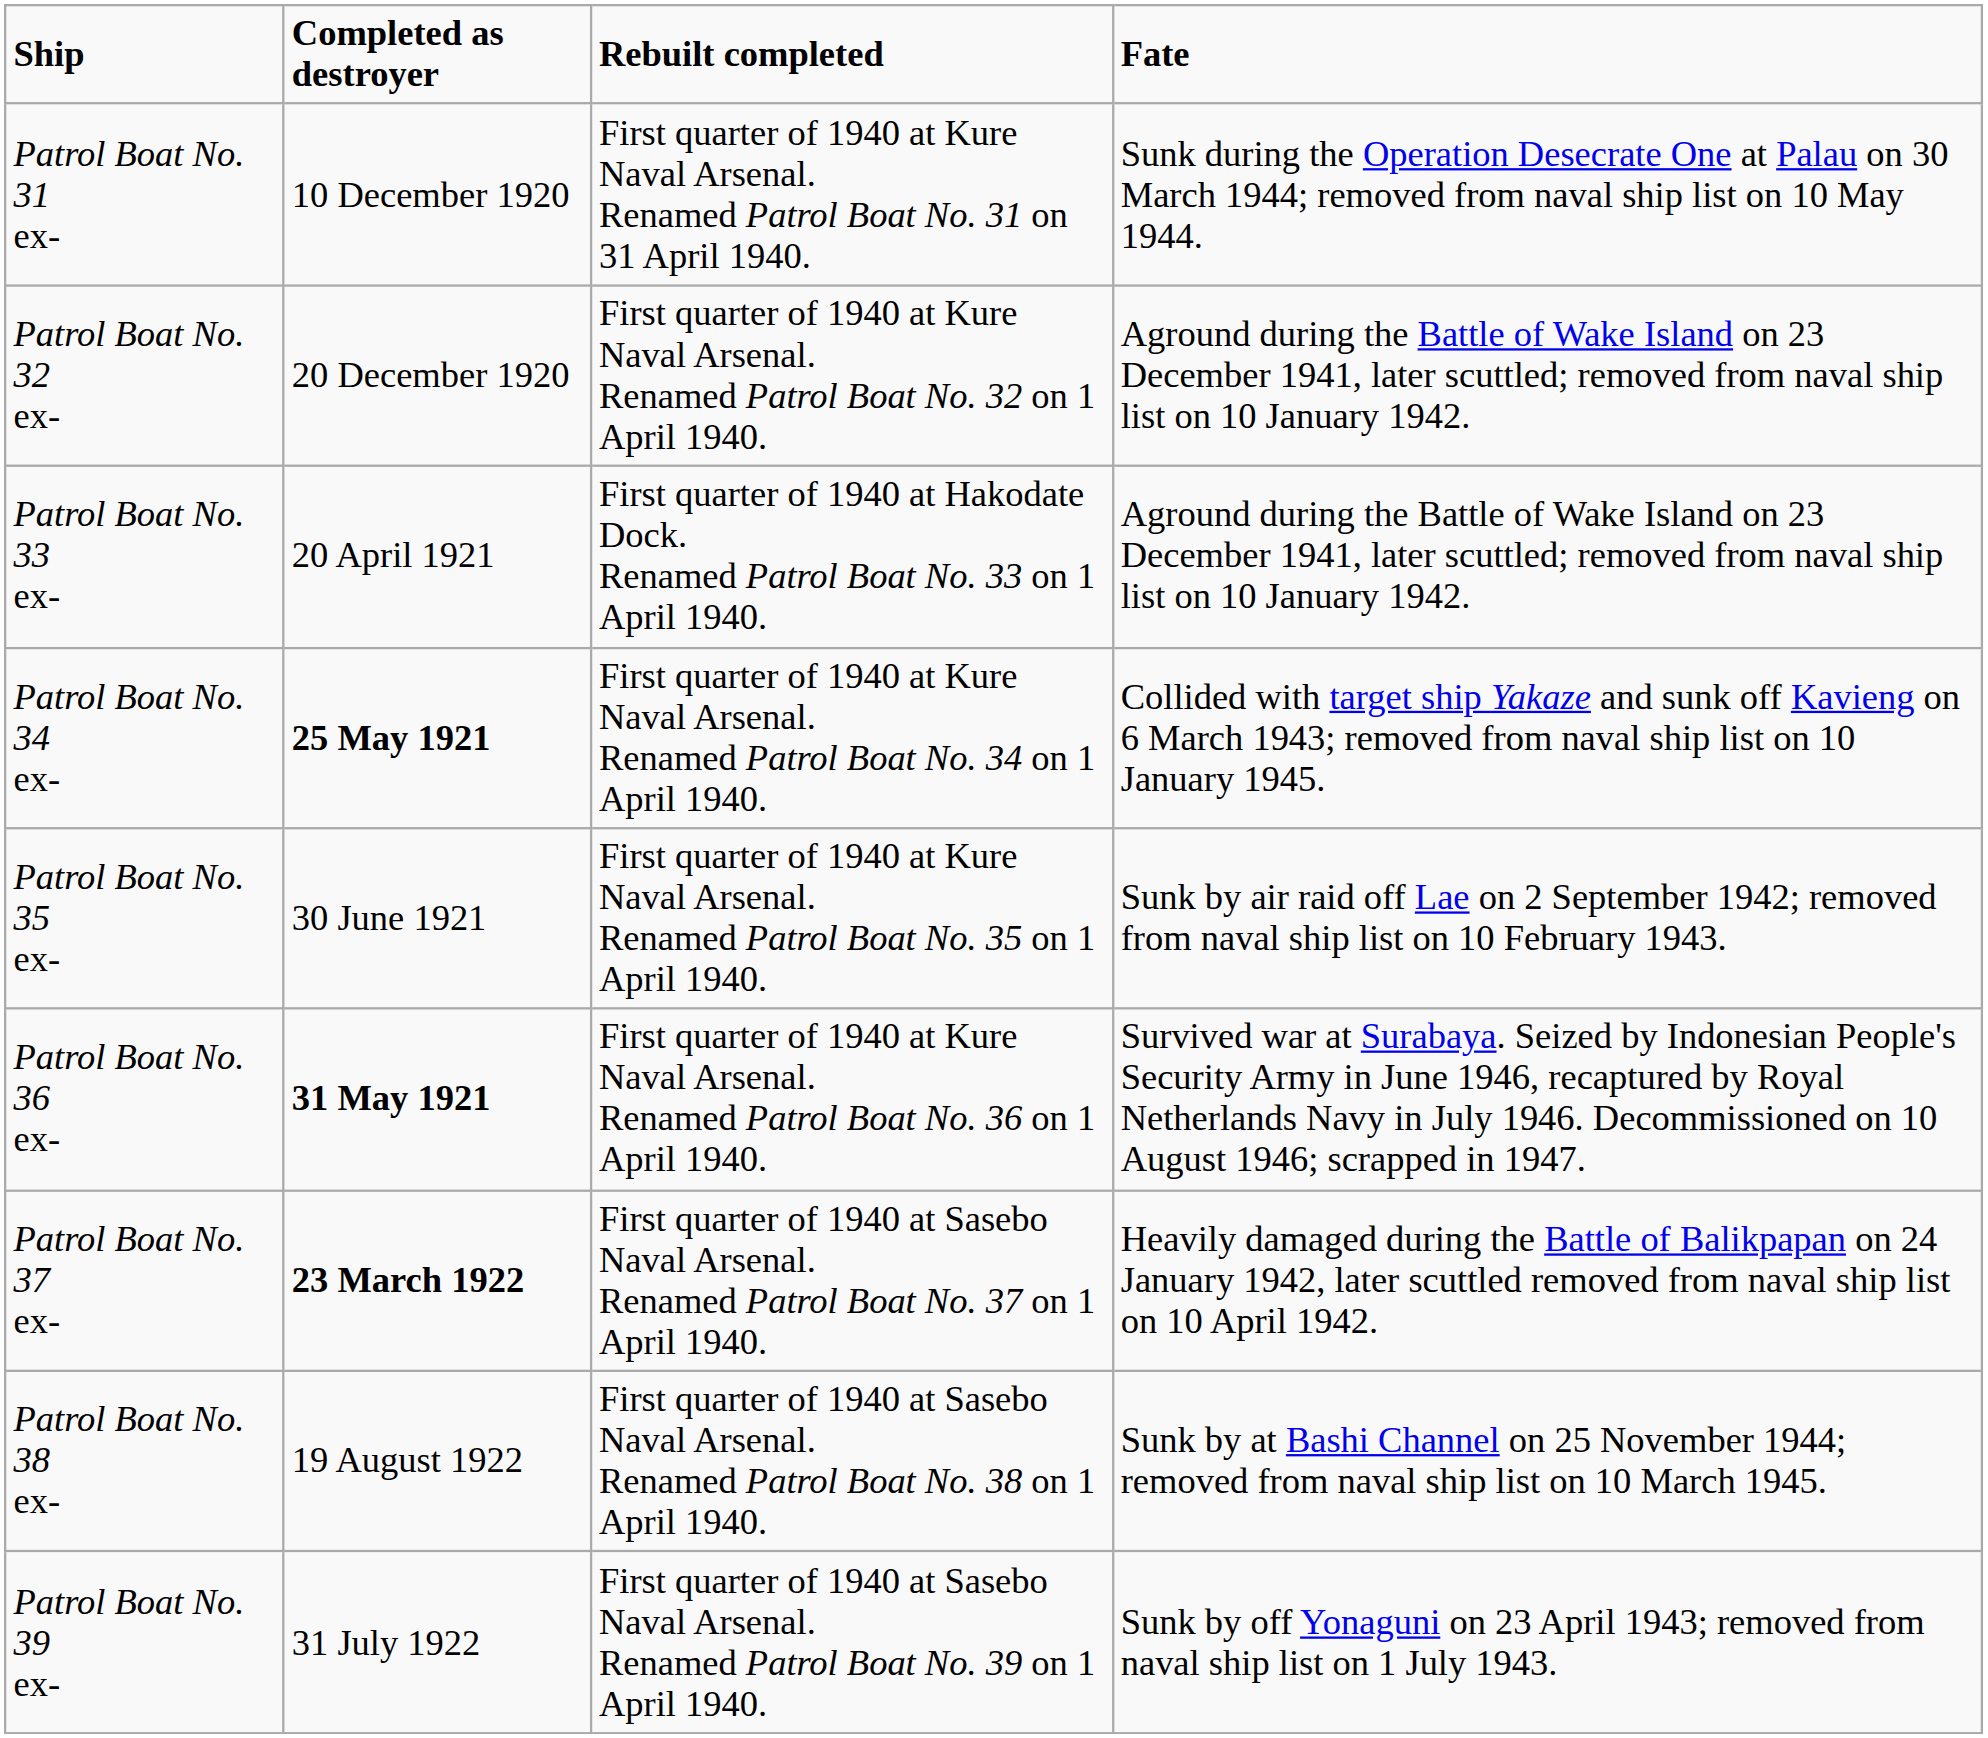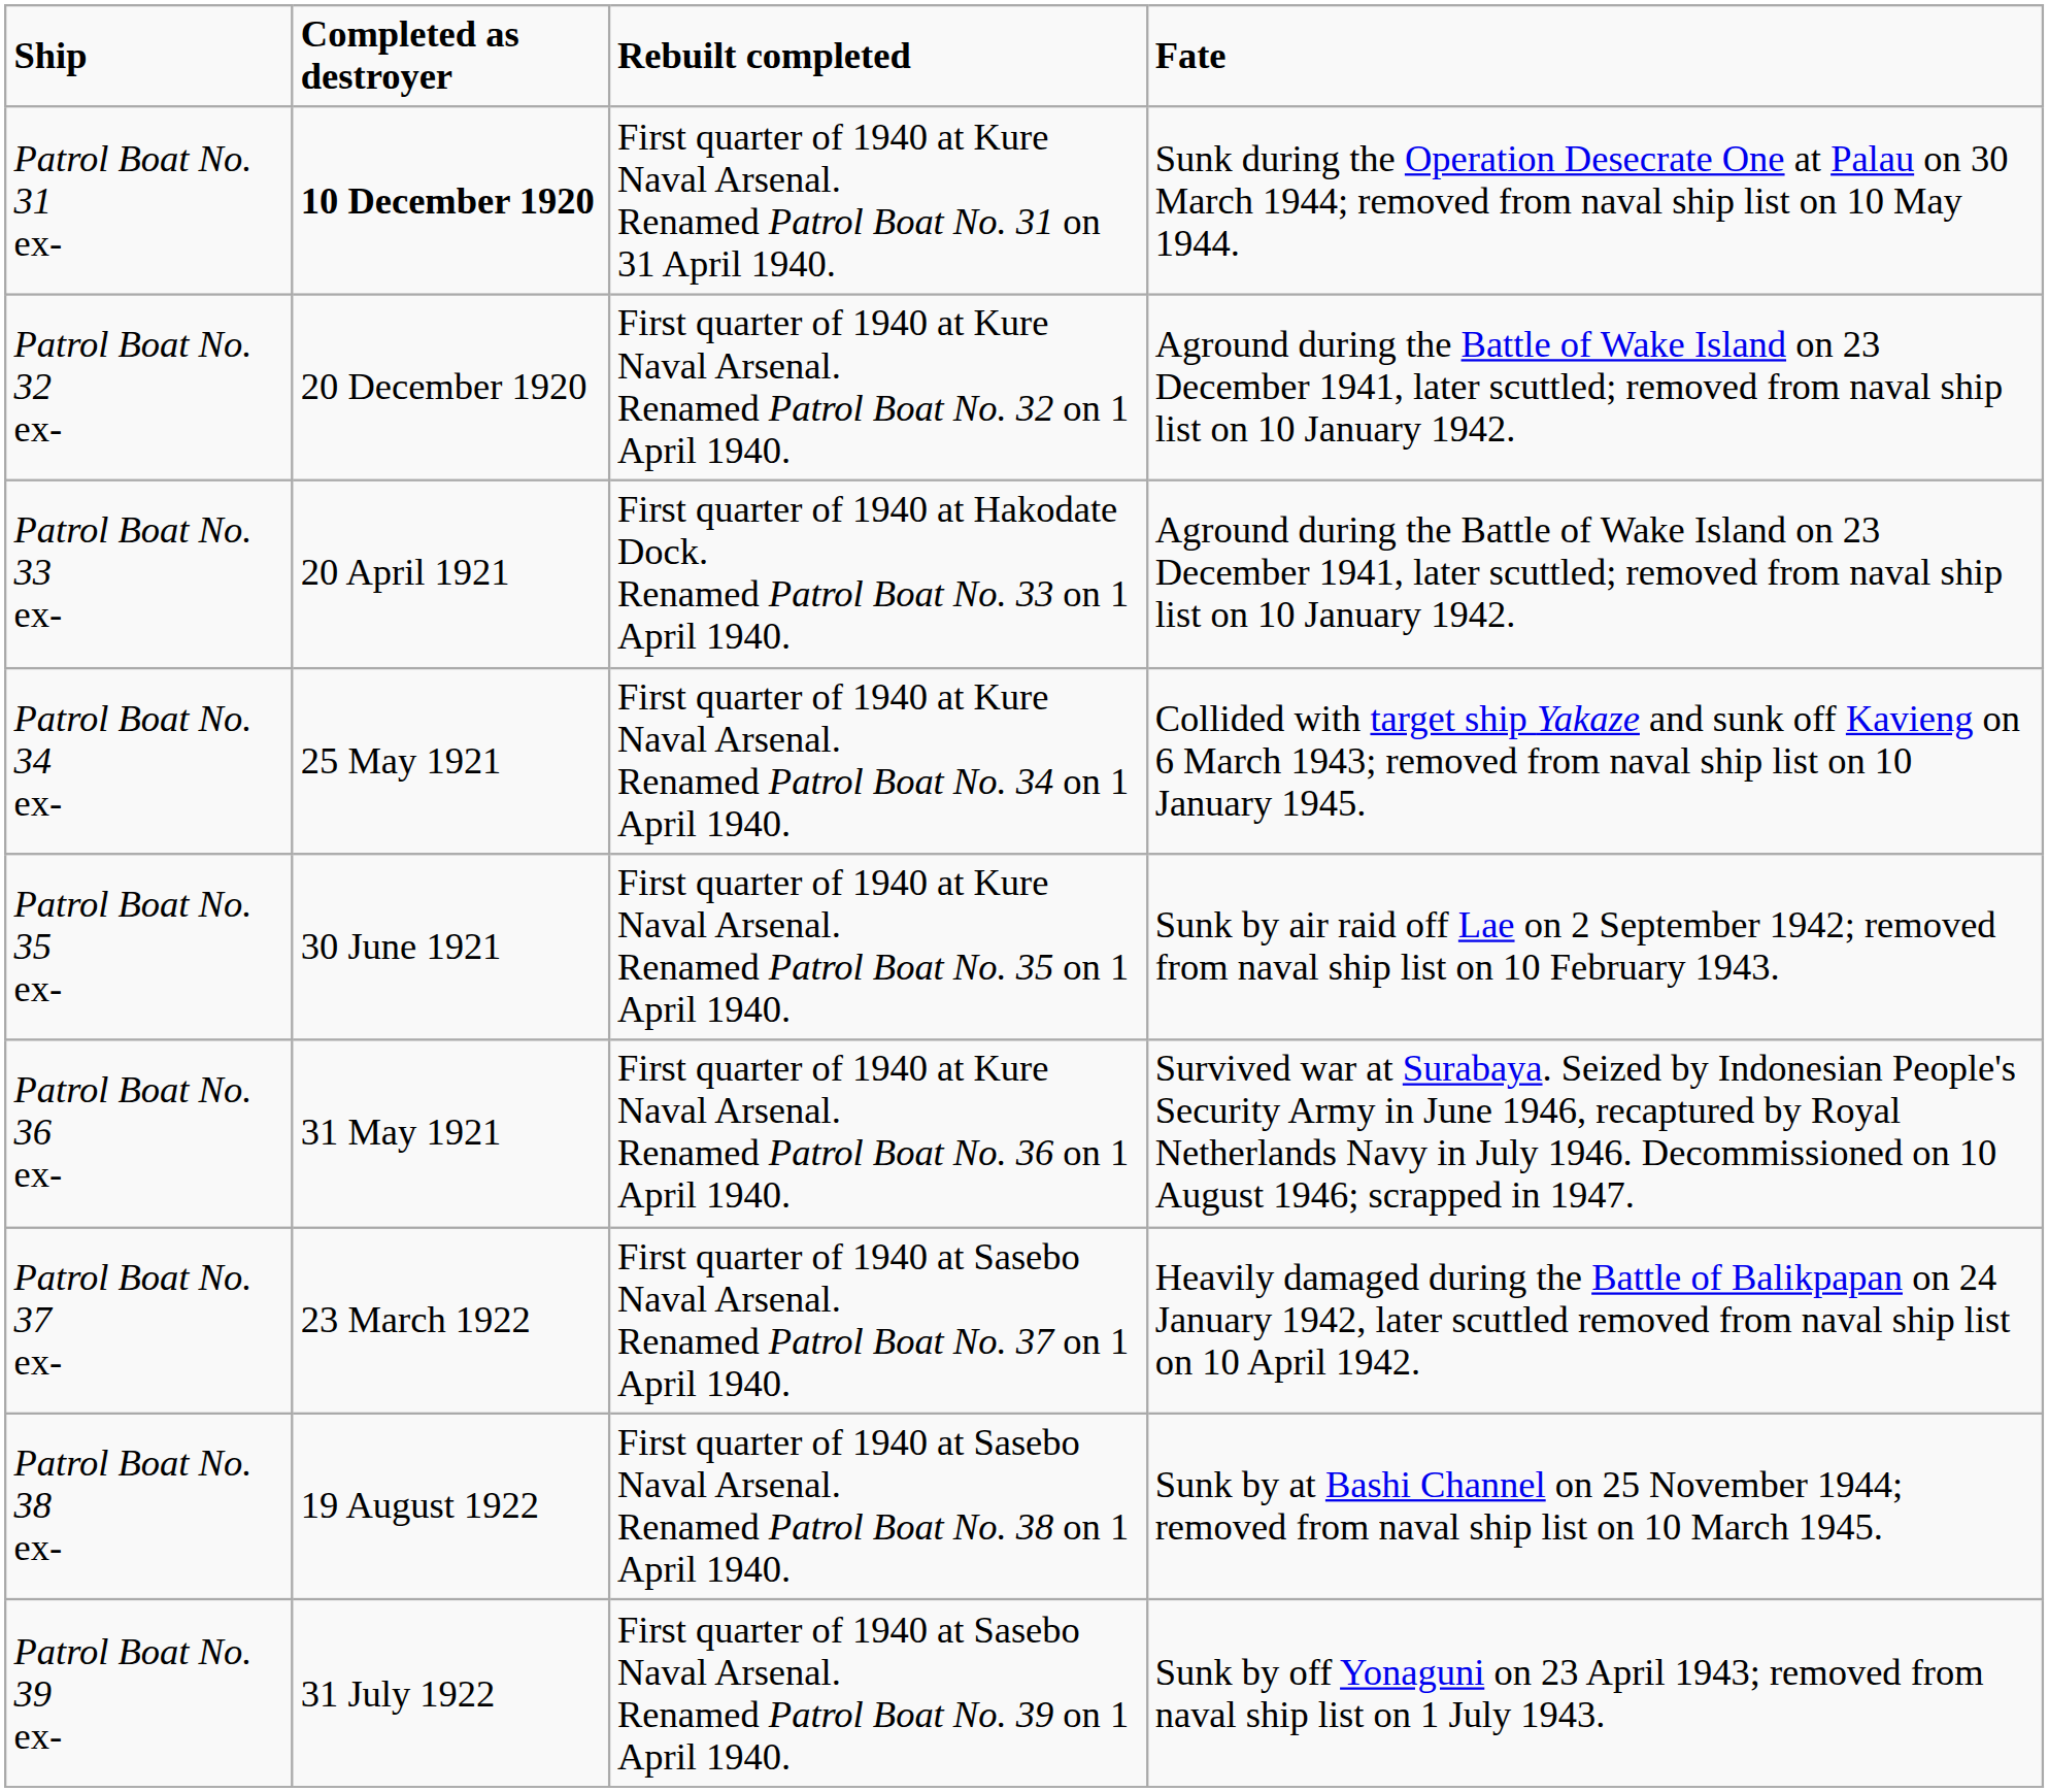 <table class="wikitable">
 <tr>
 <td width="8%"><strong>Ship</strong></td>
 <td width="8%" bgcolor=><strong>Completed as destroyer</strong></td>
 <td width="15%" bgcolor=><strong>Rebuilt completed</strong></td>
 <td width="25%" bgcolor=><strong>Fate</strong></td>
 </tr>
 <tr>
 <td><em>Patrol Boat No. 31</em> <br>ex-</td>
-<td>10 December 1920</td>
+<td><strong>10 December 1920</strong></td>
 <td>First quarter of 1940 at Kure Naval Arsenal.<br>Renamed <em>Patrol Boat No. 31</em> on 31 April 1940.</td>
 <td>Sunk during the <a href='#'>Operation Desecrate One</a> at <a href='#'>Palau</a> on 30 March 1944; removed from naval ship list on 10 May 1944.</td>
 </tr>
 <tr>
 <td><em>Patrol Boat No. 32</em><br>ex-</td>
 <td>20 December 1920</td>
 <td>First quarter of 1940 at Kure Naval Arsenal.<br>Renamed <em>Patrol Boat No. 32</em> on 1 April 1940.</td>
 <td>Aground during the <a href='#'>Battle of Wake Island</a> on 23 December 1941, later scuttled; removed from naval ship list on 10 January 1942.</td>
 </tr>
 <tr>
 <td><em>Patrol Boat No. 33</em><br>ex-</td>
 <td>20 April 1921</td>
 <td>First quarter of 1940 at Hakodate Dock.<br>Renamed <em>Patrol Boat No. 33</em> on 1 April 1940.</td>
 <td>Aground during the Battle of Wake Island on 23 December 1941, later scuttled; removed from naval ship list on 10 January 1942.</td>
 </tr>
 <tr>
 <td><em>Patrol Boat No. 34</em><br>ex-</td>
-<td><strong>25 May 1921</strong></td>
+<td>25 May 1921</td>
 <td>First quarter of 1940 at Kure Naval Arsenal.<br>Renamed <em>Patrol Boat No. 34</em> on 1 April 1940.</td>
 <td>Collided with <a href='#'>target ship <em>Yakaze</em></a> and sunk off <a href='#'>Kavieng</a> on 6 March 1943; removed from naval ship list on 10 January 1945.</td>
 </tr>
 <tr>
 <td><em>Patrol Boat No. 35</em><br>ex-</td>
 <td>30 June 1921</td>
 <td>First quarter of 1940 at Kure Naval Arsenal.<br>Renamed <em>Patrol Boat No. 35</em> on 1 April 1940.</td>
 <td>Sunk by air raid off <a href='#'>Lae</a> on 2 September 1942; removed from naval ship list on 10 February 1943.</td>
 </tr>
 <tr>
 <td><em>Patrol Boat No. 36</em><br>ex-</td>
-<td><strong>31 May 1921</strong></td>
+<td>31 May 1921</td>
 <td>First quarter of 1940 at Kure Naval Arsenal.<br>Renamed <em>Patrol Boat No. 36</em> on 1 April 1940.</td>
 <td>Survived war at <a href='#'>Surabaya</a>. Seized by Indonesian People's Security Army in June 1946, recaptured by Royal Netherlands Navy in July 1946. Decommissioned on 10 August 1946; scrapped in 1947.</td>
 </tr>
 <tr>
 <td><em>Patrol Boat No. 37</em><br>ex-</td>
-<td><strong>23 March 1922</strong></td>
+<td>23 March 1922</td>
 <td>First quarter of 1940 at Sasebo Naval Arsenal.<br>Renamed <em>Patrol Boat No. 37</em> on 1 April 1940.</td>
 <td>Heavily damaged during the <a href='#'>Battle of Balikpapan</a> on 24 January 1942, later scuttled removed from naval ship list on 10 April 1942.</td>
 </tr>
 <tr>
 <td><em>Patrol Boat No. 38</em><br>ex-</td>
 <td>19 August 1922</td>
 <td>First quarter of 1940 at Sasebo Naval Arsenal.<br>Renamed <em>Patrol Boat No. 38</em> on 1 April 1940.</td>
 <td>Sunk by  at <a href='#'>Bashi Channel</a>  on 25 November 1944; removed from naval ship list on 10 March 1945.</td>
 </tr>
 <tr>
 <td><em>Patrol Boat No. 39</em><br>ex-</td>
 <td>31 July 1922</td>
 <td>First quarter of 1940 at Sasebo Naval Arsenal.<br>Renamed <em>Patrol Boat No. 39</em> on 1 April 1940.</td>
 <td>Sunk by  off <a href='#'>Yonaguni</a>  on 23 April 1943; removed from naval ship list on 1 July 1943.</td>
 </tr>
 <tr>
 </tr>
 </table>
